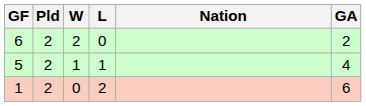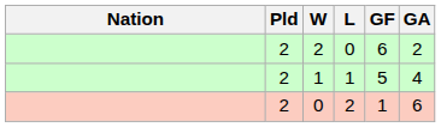 <table class=wikitable style="text-align:center">
 <tr>
-<th width=20>GF</th>
+<th width=220>Nation</th>
 <th width=20>Pld</th>
 <th width=20>W</th>
 <th width=20>L</th>
-<th width=220>Nation</th>
+<th width=20>GF</th>
 <th width=20>GA</th>
 </tr>
 <tr bgcolor="#ccffcc">
-<td>6</td>
+<td align=left></td>
 <td>2</td>
 <td>2</td>
 <td>0</td>
-<td align=left></td>
+<td>6</td>
 <td>2</td>
 </tr>
 <tr bgcolor="#ccffcc">
-<td>5</td>
+<td align=left></td>
 <td>2</td>
 <td>1</td>
 <td>1</td>
-<td align=left></td>
+<td>5</td>
 <td>4</td>
 </tr>
 <tr bgcolor="#fcccc">
-<td>1</td>
+<td align=left></td>
 <td>2</td>
 <td>0</td>
 <td>2</td>
-<td align=left></td>
+<td>1</td>
 <td>6</td>
 </tr>
 </table>
